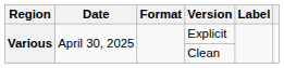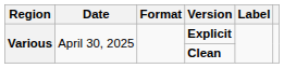 <table class="wikitable plainrowheaders">
 <tr>
 <th scope="col">Region</th>
 <th scope="col">Date</th>
 <th scope="col">Format</th>
 <th scope="col">Version</th>
 <th scope="col">Label</th>
 <th scope="col"></th>
 </tr>
 <tr>
 <th scope="row" rowspan="2">Various</th>
 <td rowspan="2">April 30, 2025</td>
 <td rowspan="2"></td>
-<td rowspan="1">Explicit</td>
+<td rowspan="1"><strong>Explicit</strong></td>
 <td rowspan="2"></td>
 <td rowspan="2" style="text-align:center"></td>
 </tr>
 <tr>
-<td>Clean</td>
+<td><strong>Clean</strong></td>
 </tr>
 </table>
